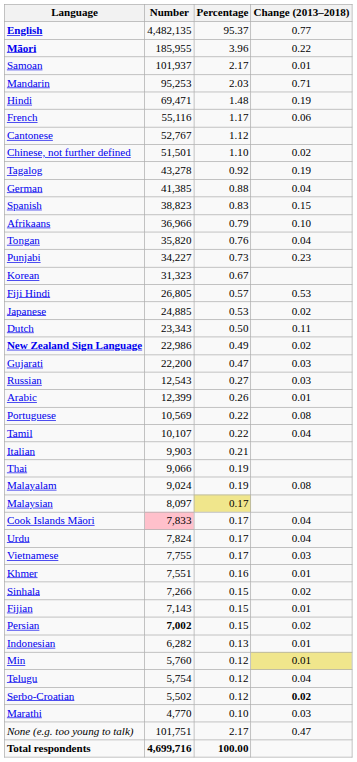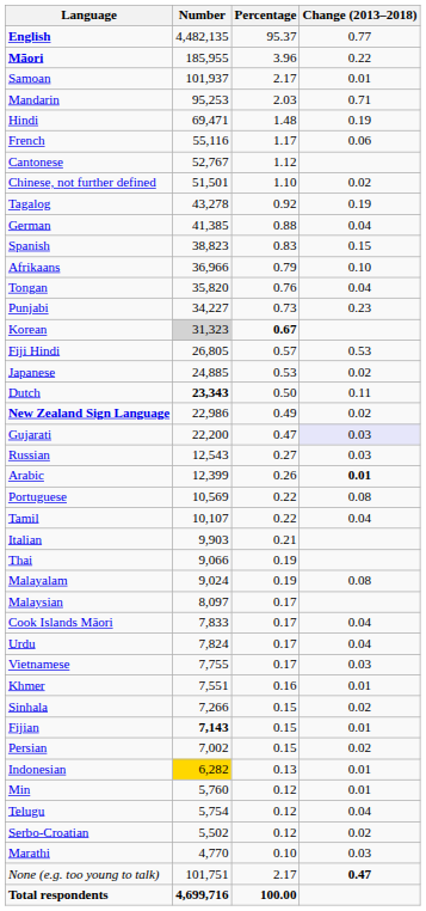 <table class="wikitable sortable" style="text-align: right;">
 <tr>
 <th>Language</th>
 <th>Number</th>
 <th>Percentage</th>
 <th>Change (2013–2018)</th>
 </tr>
 <tr>
 <td style="text-align: left;"><strong><a href='#'>English</a></strong></td>
 <td>4,482,135</td>
 <td>95.37</td>
 <td style="text-align: center;">0.77</td>
 </tr>
 <tr>
 <td style="text-align: left;"><strong><a href='#'>Māori</a></strong></td>
 <td>185,955</td>
 <td>3.96</td>
 <td style="text-align: center;">0.22</td>
 </tr>
 <tr>
 <td style="text-align: left;"><a href='#'>Samoan</a></td>
 <td>101,937</td>
 <td>2.17</td>
 <td style="text-align: center;">0.01</td>
 </tr>
 <tr>
 <td style="text-align: left;"><a href='#'>Mandarin</a></td>
 <td>95,253</td>
 <td>2.03</td>
 <td style="text-align: center;">0.71</td>
 </tr>
 <tr>
 <td style="text-align: left;"><a href='#'>Hindi</a></td>
 <td>69,471</td>
 <td>1.48</td>
 <td style="text-align: center;">0.19</td>
 </tr>
 <tr>
 <td style="text-align: left;"><a href='#'>French</a></td>
 <td>55,116</td>
 <td>1.17</td>
 <td style="text-align: center;">0.06</td>
 </tr>
 <tr>
 <td style="text-align: left;"><a href='#'>Cantonese</a></td>
 <td>52,767</td>
 <td>1.12</td>
 <td style="text-align: center;"></td>
 </tr>
 <tr>
 <td style="text-align: left;"><a href='#'>Chinese, not further defined</a></td>
 <td>51,501</td>
 <td>1.10</td>
 <td style="text-align: center;">0.02</td>
 </tr>
 <tr>
 <td style="text-align: left;"><a href='#'>Tagalog</a></td>
 <td>43,278</td>
 <td>0.92</td>
 <td style="text-align: center;">0.19</td>
 </tr>
 <tr>
 <td style="text-align: left;"><a href='#'>German</a></td>
 <td>41,385</td>
 <td>0.88</td>
 <td style="text-align: center;">0.04</td>
 </tr>
 <tr>
 <td style="text-align: left;"><a href='#'>Spanish</a></td>
 <td>38,823</td>
 <td>0.83</td>
 <td style="text-align: center;">0.15</td>
 </tr>
 <tr>
 <td style="text-align: left;"><a href='#'>Afrikaans</a></td>
 <td>36,966</td>
 <td>0.79</td>
 <td style="text-align: center;">0.10</td>
 </tr>
 <tr>
 <td style="text-align: left;"><a href='#'>Tongan</a></td>
 <td>35,820</td>
 <td>0.76</td>
 <td style="text-align: center;">0.04</td>
 </tr>
 <tr>
 <td style="text-align: left;"><a href='#'>Punjabi</a></td>
 <td>34,227</td>
 <td>0.73</td>
 <td style="text-align: center;">0.23</td>
 </tr>
 <tr>
 <td style="text-align: left;"><a href='#'>Korean</a></td>
-<td>31,323</td>
-<td>0.67</td>
+<td style="background: lightgrey;">31,323</td>
+<td><strong>0.67</strong></td>
 <td style="text-align: center;"></td>
 </tr>
 <tr>
 <td style="text-align: left;"><a href='#'>Fiji Hindi</a></td>
 <td>26,805</td>
 <td>0.57</td>
 <td style="text-align: center;">0.53</td>
 </tr>
 <tr>
 <td style="text-align: left;"><a href='#'>Japanese</a></td>
 <td>24,885</td>
 <td>0.53</td>
 <td style="text-align: center;">0.02</td>
 </tr>
 <tr>
 <td style="text-align: left;"><a href='#'>Dutch</a></td>
-<td>23,343</td>
+<td><strong>23,343</strong></td>
 <td>0.50</td>
 <td style="text-align: center;">0.11</td>
 </tr>
 <tr>
 <td style="text-align: left;"><strong><a href='#'>New Zealand Sign Language</a></strong></td>
 <td>22,986</td>
 <td>0.49</td>
 <td style="text-align: center;">0.02</td>
 </tr>
 <tr>
 <td style="text-align: left;"><a href='#'>Gujarati</a></td>
 <td>22,200</td>
 <td>0.47</td>
-<td style="text-align: center;">0.03</td>
+<td style="background: lavender; text-align: center;">0.03</td>
 </tr>
 <tr>
 <td style="text-align: left;"><a href='#'>Russian</a></td>
 <td>12,543</td>
 <td>0.27</td>
 <td style="text-align: center;">0.03</td>
 </tr>
 <tr>
 <td style="text-align: left;"><a href='#'>Arabic</a></td>
 <td>12,399</td>
 <td>0.26</td>
-<td style="text-align: center;">0.01</td>
+<td style="text-align: center;"><strong>0.01</strong></td>
 </tr>
 <tr>
 <td style="text-align: left;"><a href='#'>Portuguese</a></td>
 <td>10,569</td>
 <td>0.22</td>
 <td style="text-align: center;">0.08</td>
 </tr>
 <tr>
 <td style="text-align: left;"><a href='#'>Tamil</a></td>
 <td>10,107</td>
 <td>0.22</td>
 <td style="text-align: center;">0.04</td>
 </tr>
 <tr>
 <td style="text-align: left;"><a href='#'>Italian</a></td>
 <td>9,903</td>
 <td>0.21</td>
 <td style="text-align: center;"></td>
 </tr>
 <tr>
 <td style="text-align: left;"><a href='#'>Thai</a></td>
 <td>9,066</td>
 <td>0.19</td>
 <td style="text-align: center;"></td>
 </tr>
 <tr>
 <td style="text-align: left;"><a href='#'>Malayalam</a></td>
 <td>9,024</td>
 <td>0.19</td>
 <td style="text-align: center;">0.08</td>
 </tr>
 <tr>
 <td style="text-align: left;"><a href='#'>Malaysian</a></td>
 <td>8,097</td>
-<td style="background: khaki;">0.17</td>
+<td>0.17</td>
 <td style="text-align: center;"></td>
 </tr>
 <tr>
 <td style="text-align: left;"><a href='#'>Cook Islands Māori</a></td>
-<td style="background: pink;">7,833</td>
+<td>7,833</td>
 <td>0.17</td>
 <td style="text-align: center;">0.04</td>
 </tr>
 <tr>
 <td style="text-align: left;"><a href='#'>Urdu</a></td>
 <td>7,824</td>
 <td>0.17</td>
 <td style="text-align: center;">0.04</td>
 </tr>
 <tr>
 <td style="text-align: left;"><a href='#'>Vietnamese</a></td>
 <td>7,755</td>
 <td>0.17</td>
 <td style="text-align: center;">0.03</td>
 </tr>
 <tr>
 <td style="text-align: left;"><a href='#'>Khmer</a></td>
 <td>7,551</td>
 <td>0.16</td>
 <td style="text-align: center;">0.01</td>
 </tr>
 <tr>
 <td style="text-align: left;"><a href='#'>Sinhala</a></td>
 <td>7,266</td>
 <td>0.15</td>
 <td style="text-align: center;">0.02</td>
 </tr>
 <tr>
 <td style="text-align: left;"><a href='#'>Fijian</a></td>
-<td>7,143</td>
+<td><strong>7,143</strong></td>
 <td>0.15</td>
 <td style="text-align: center;">0.01</td>
 </tr>
 <tr>
 <td style="text-align: left;"><a href='#'>Persian</a></td>
-<td><strong>7,002</strong></td>
+<td>7,002</td>
 <td>0.15</td>
 <td style="text-align: center;">0.02</td>
 </tr>
 <tr>
 <td style="text-align: left;"><a href='#'>Indonesian</a></td>
-<td>6,282</td>
+<td style="background: gold;">6,282</td>
 <td>0.13</td>
 <td style="text-align: center;">0.01</td>
 </tr>
 <tr>
 <td style="text-align: left;"><a href='#'>Min</a></td>
 <td>5,760</td>
 <td>0.12</td>
-<td style="background: khaki; text-align: center;">0.01</td>
+<td style="text-align: center;">0.01</td>
 </tr>
 <tr>
 <td style="text-align: left;"><a href='#'>Telugu</a></td>
 <td>5,754</td>
 <td>0.12</td>
 <td style="text-align: center;">0.04</td>
 </tr>
 <tr>
 <td style="text-align: left;"><a href='#'>Serbo-Croatian</a></td>
 <td>5,502</td>
 <td>0.12</td>
-<td style="text-align: center;"><strong>0.02</strong></td>
+<td style="text-align: center;">0.02</td>
 </tr>
 <tr>
 <td style="text-align: left;"><a href='#'>Marathi</a></td>
 <td>4,770</td>
 <td>0.10</td>
 <td style="text-align: center;">0.03</td>
 </tr>
 <tr>
 <td style="text-align: left;"><em>None (e.g. too young to talk)</em></td>
 <td>101,751</td>
 <td>2.17</td>
-<td style="text-align: center;">0.47</td>
+<td style="text-align: center;"><strong>0.47</strong></td>
 </tr>
 <tr class="sortbottom" style="font-weight: bold;">
 <td style="text-align: left;">Total respondents</td>
 <td>4,699,716</td>
 <td>100.00</td>
 <td style="text-align: center;"></td>
 </tr>
 </table>
